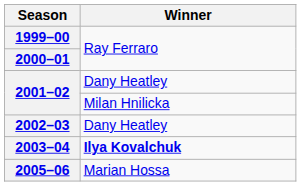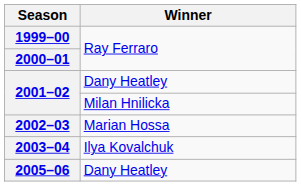 <table class="wikitable">
 <tr>
 <th scope="col" style="width:5em">Season</th>
 <th scope="col" style="width:15em">Winner</th>
 </tr>
 <tr>
 <th scope="row"><a href='#'>1999–00</a></th>
 <td rowspan="2"><a href='#'>Ray Ferraro</a></td>
 </tr>
 <tr>
 <th scope="row"><a href='#'>2000–01</a></th>
 </tr>
 <tr>
 <th scope="row" rowspan="2"><a href='#'>2001–02</a></th>
 <td><a href='#'>Dany Heatley</a></td>
 </tr>
 <tr>
 <td><a href='#'>Milan Hnilicka</a></td>
 </tr>
 <tr>
 <th scope="row"><a href='#'>2002–03</a></th>
-<td><a href='#'>Dany Heatley</a></td>
+<td><a href='#'>Marian Hossa</a></td>
 </tr>
 <tr>
 <th scope="row"><a href='#'>2003–04</a></th>
-<td><strong><a href='#'>Ilya Kovalchuk</a></strong></td>
+<td><a href='#'>Ilya Kovalchuk</a></td>
 </tr>
 <tr>
 <th scope="row"><a href='#'>2005–06</a></th>
-<td><a href='#'>Marian Hossa</a></td>
+<td><a href='#'>Dany Heatley</a></td>
 </tr>
 </table>
